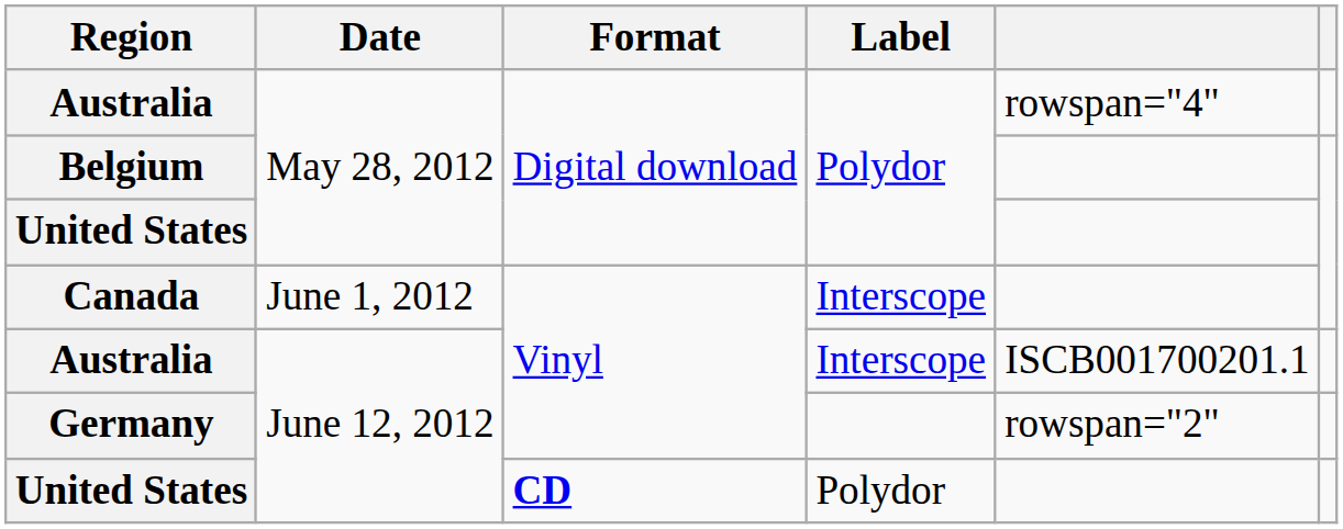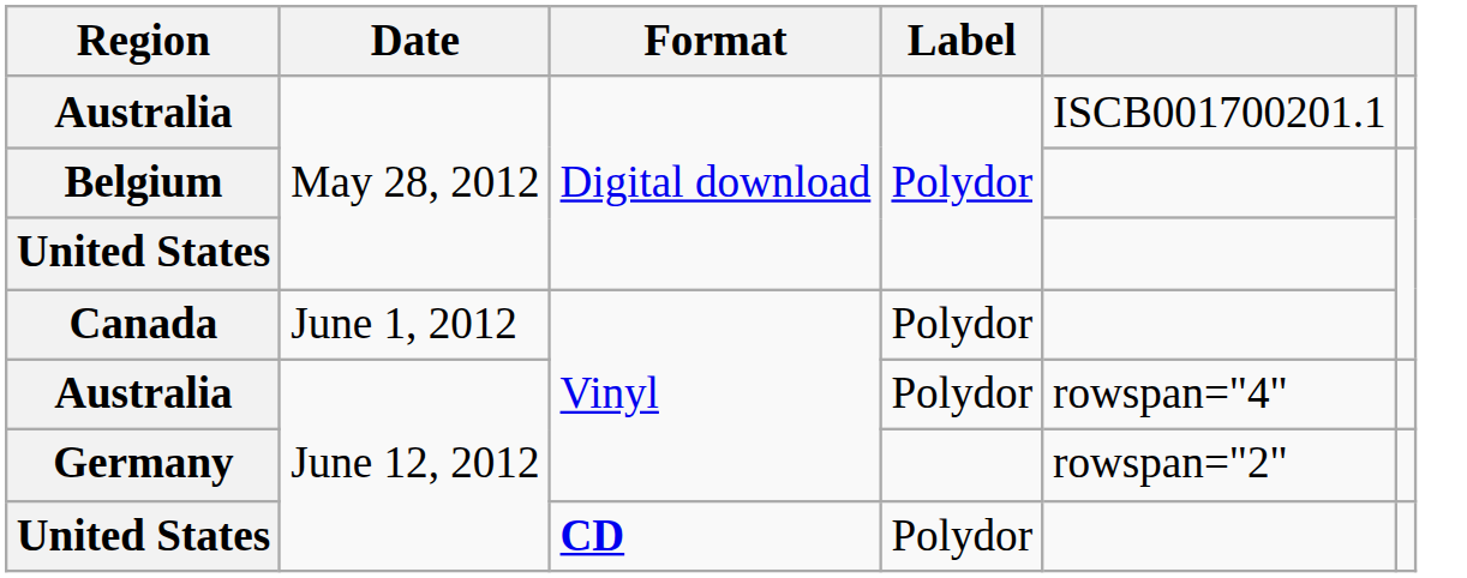 <table class="wikitable plainrowheaders">
 <tr>
 <th scope="col">Region</th>
 <th scope="col">Date</th>
 <th scope="col">Format</th>
 <th scope="col">Label</th>
 <th scope="col"></th>
 <th scope="col"></th>
 </tr>
 <tr>
 <th scope="row">Australia</th>
 <td rowspan="3">May 28, 2012</td>
 <td rowspan="3"><a href='#'>Digital download</a></td>
 <td rowspan="3"><a href='#'>Polydor</a></td>
-<td>rowspan="4" </td>
+<td>ISCB001700201.1</td>
 <td align="center"></td>
 </tr>
 <tr>
 <th scope="row">Belgium</th>
 <td align="center"></td>
 </tr>
 <tr>
 <th scope="row">United States</th>
 <td align="center"></td>
 </tr>
 <tr>
 <th scope="row">Canada</th>
 <td>June 1, 2012</td>
 <td rowspan="3"><a href='#'>Vinyl</a></td>
-<td><a href='#'>Interscope</a></td>
+<td>Polydor</td>
 <td align="center"></td>
 </tr>
 <tr>
 <th scope="row">Australia</th>
 <td rowspan="3">June 12, 2012</td>
-<td><a href='#'>Interscope</a></td>
-<td>ISCB001700201.1</td>
+<td>Polydor</td>
+<td>rowspan="4" </td>
 <td align="center"></td>
 </tr>
 <tr>
 <th scope="row">Germany</th>
 <td></td>
 <td>rowspan="2" </td>
 <td align="center"></td>
 </tr>
 <tr>
 <th scope="row">United States</th>
 <td><strong><a href='#'>CD</a></strong></td>
 <td>Polydor</td>
 <td align="center"></td>
 </tr>
 </table>
